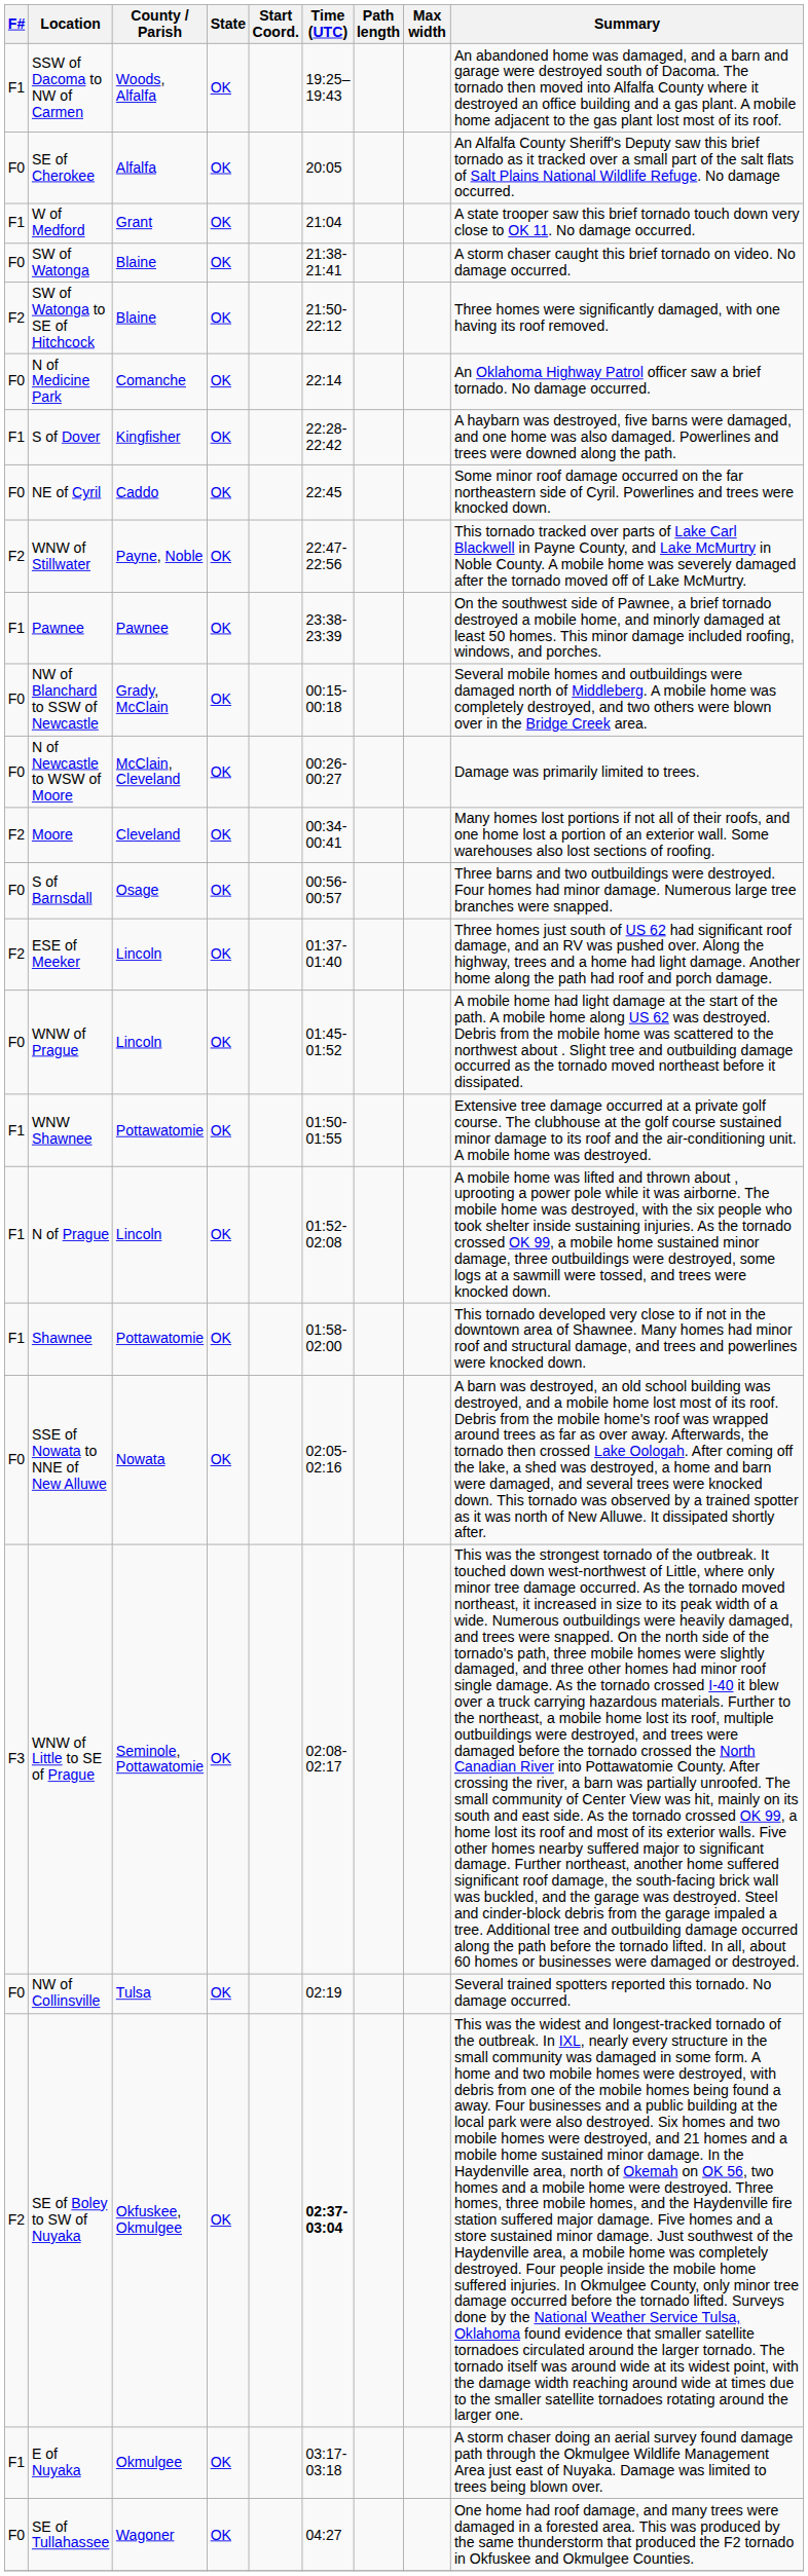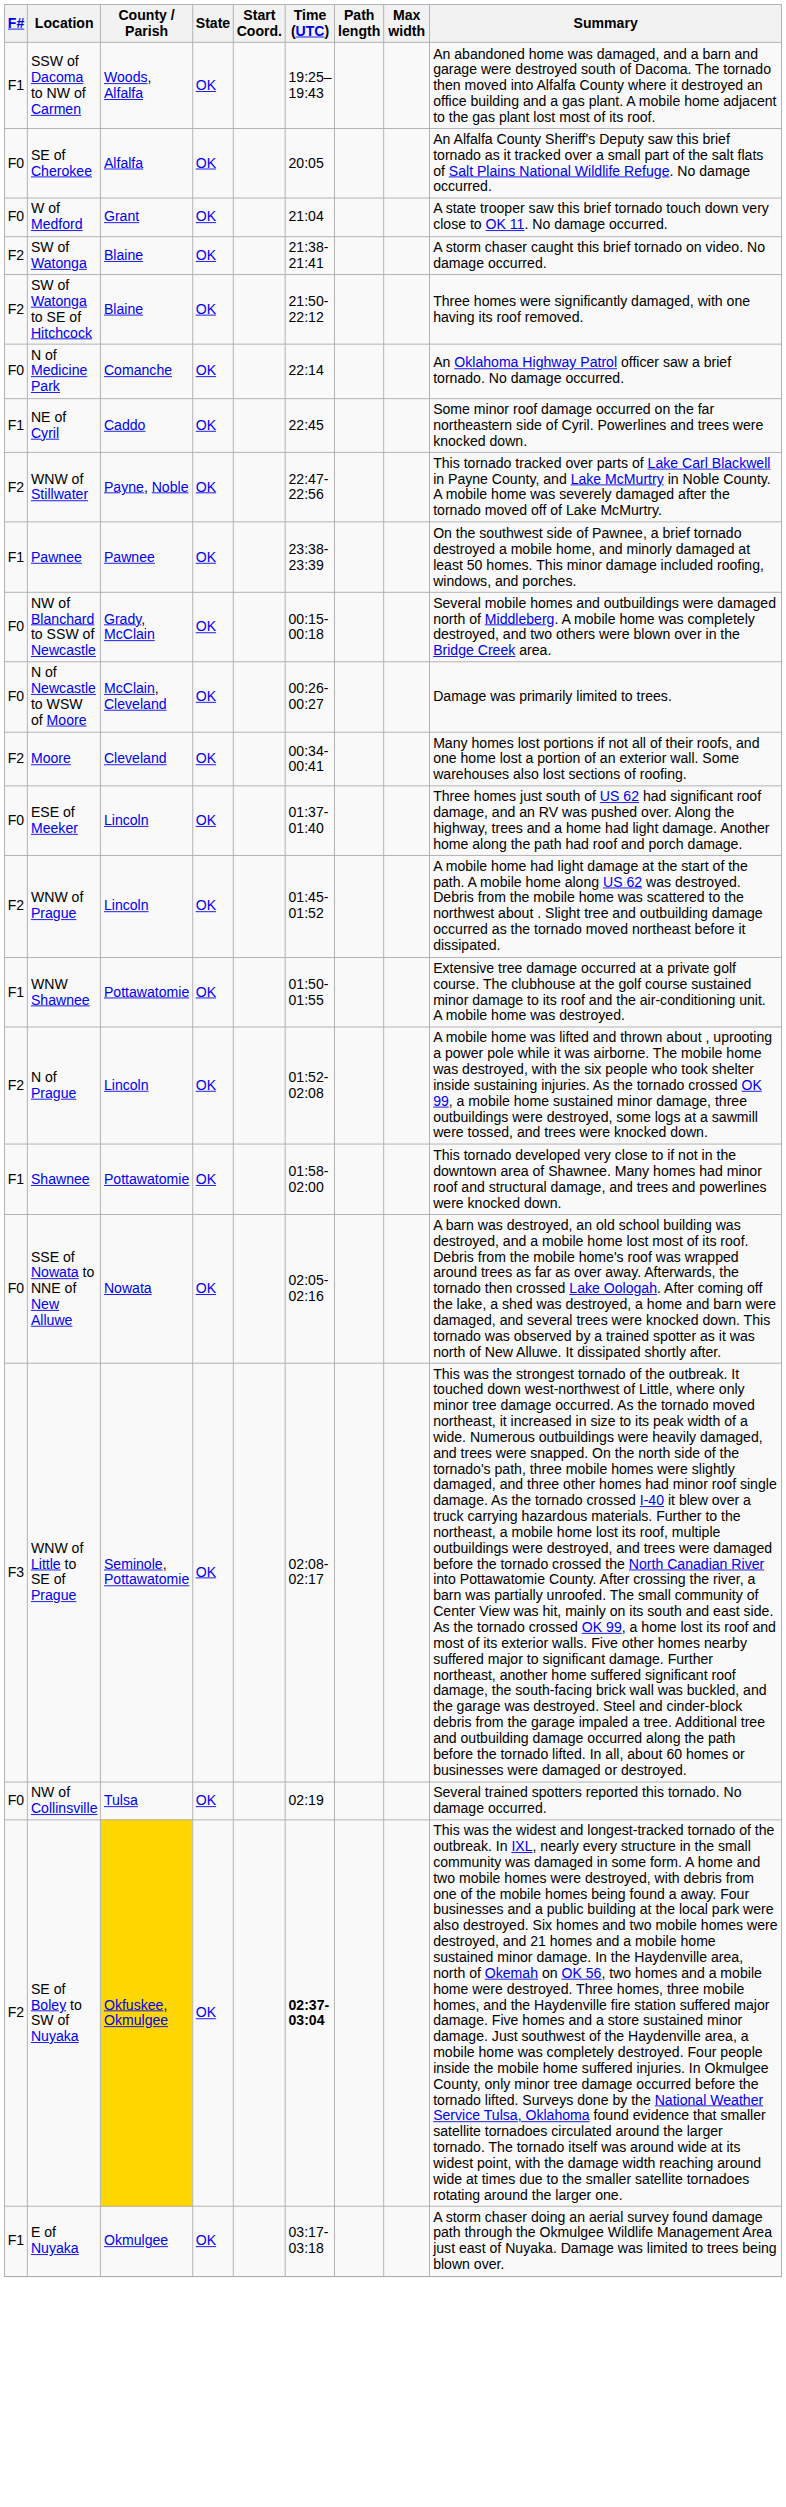 <table class="wikitable sortable" style="width:100%;">
 <tr>
 <th scope="col"  style="width:3%; text-align:center;"><a href='#'>F#</a></th>
 <th scope="col"  style="width:7%; text-align:center;" class="unsortable">Location</th>
 <th scope="col"  style="width:6%; text-align:center;" class="unsortable">County / Parish</th>
 <th scope="col"  style="width:5%; text-align:center;">State</th>
 <th scope="col"  style="width:6%; text-align:center;">Start Coord.</th>
 <th scope="col"  style="width:6%; text-align:center;">Time (<a href='#'>UTC</a>)</th>
 <th scope="col"  style="width:6%; text-align:center;">Path length</th>
 <th scope="col"  style="width:6%; text-align:center;">Max width</th>
 <th scope="col" class="unsortable" style="width:48%; text-align:center;">Summary</th>
 </tr>
 <tr>
 <td>F1</td>
 <td>SSW of <a href='#'>Dacoma</a> to NW of <a href='#'>Carmen</a></td>
 <td><a href='#'>Woods</a>, <a href='#'>Alfalfa</a></td>
 <td><a href='#'>OK</a></td>
 <td></td>
 <td>19:25–19:43</td>
 <td></td>
 <td></td>
 <td>An abandoned home was damaged, and a barn and garage were destroyed south of Dacoma. The tornado then moved into Alfalfa County where it destroyed an office building and a gas plant. A mobile home adjacent to the gas plant lost most of its roof.</td>
 </tr>
 <tr>
 <td>F0</td>
 <td>SE of <a href='#'>Cherokee</a></td>
 <td><a href='#'>Alfalfa</a></td>
 <td><a href='#'>OK</a></td>
 <td></td>
 <td>20:05</td>
 <td></td>
 <td></td>
 <td>An Alfalfa County Sheriff's Deputy saw this brief tornado as it tracked over a small part of the salt flats of <a href='#'>Salt Plains National Wildlife Refuge</a>. No damage occurred.</td>
 </tr>
 <tr>
-<td>F1</td>
+<td>F0</td>
 <td>W of <a href='#'>Medford</a></td>
 <td><a href='#'>Grant</a></td>
 <td><a href='#'>OK</a></td>
 <td></td>
 <td>21:04</td>
 <td></td>
 <td></td>
 <td>A state trooper saw this brief tornado touch down very close to <a href='#'>OK 11</a>. No damage occurred.</td>
 </tr>
 <tr>
-<td>F0</td>
+<td>F2</td>
 <td>SW of <a href='#'>Watonga</a></td>
 <td><a href='#'>Blaine</a></td>
 <td><a href='#'>OK</a></td>
 <td></td>
 <td>21:38-21:41</td>
 <td></td>
 <td></td>
 <td>A storm chaser caught this brief tornado on video. No damage occurred.</td>
 </tr>
 <tr>
 <td>F2</td>
 <td>SW of <a href='#'>Watonga</a> to SE of <a href='#'>Hitchcock</a></td>
 <td><a href='#'>Blaine</a></td>
 <td><a href='#'>OK</a></td>
 <td></td>
 <td>21:50-22:12</td>
 <td></td>
 <td></td>
 <td>Three homes were significantly damaged, with one having its roof removed.</td>
 </tr>
 <tr>
 <td>F0</td>
 <td>N of <a href='#'>Medicine Park</a></td>
 <td><a href='#'>Comanche</a></td>
 <td><a href='#'>OK</a></td>
 <td></td>
 <td>22:14</td>
 <td></td>
 <td></td>
 <td>An <a href='#'>Oklahoma Highway Patrol</a> officer saw a brief tornado. No damage occurred.</td>
 </tr>
 <tr>
 <td>F1</td>
-<td>S of <a href='#'>Dover</a></td>
-<td><a href='#'>Kingfisher</a></td>
-<td><a href='#'>OK</a></td>
-<td></td>
-<td>22:28-22:42</td>
-<td></td>
-<td></td>
-<td>A haybarn was destroyed, five barns were damaged, and one home was also damaged. Powerlines and trees were downed along the path.</td>
-</tr>
-<tr>
-<td>F0</td>
 <td>NE of <a href='#'>Cyril</a></td>
 <td><a href='#'>Caddo</a></td>
 <td><a href='#'>OK</a></td>
 <td></td>
 <td>22:45</td>
 <td></td>
 <td></td>
 <td>Some minor roof damage occurred on the far northeastern side of Cyril. Powerlines and trees were knocked down.</td>
 </tr>
 <tr>
 <td>F2</td>
 <td>WNW of <a href='#'>Stillwater</a></td>
 <td><a href='#'>Payne</a>, <a href='#'>Noble</a></td>
 <td><a href='#'>OK</a></td>
 <td></td>
 <td>22:47-22:56</td>
 <td></td>
 <td></td>
 <td>This tornado tracked over parts of <a href='#'>Lake Carl Blackwell</a> in Payne County, and <a href='#'>Lake McMurtry</a> in Noble County. A mobile home was severely damaged after the tornado moved off of Lake McMurtry.</td>
 </tr>
 <tr>
 <td>F1</td>
 <td><a href='#'>Pawnee</a></td>
 <td><a href='#'>Pawnee</a></td>
 <td><a href='#'>OK</a></td>
 <td></td>
 <td>23:38-23:39</td>
 <td></td>
 <td></td>
 <td>On the southwest side of Pawnee, a brief tornado destroyed a mobile home, and minorly damaged at least 50 homes. This minor damage included roofing, windows, and porches.</td>
 </tr>
 <tr>
 <td>F0</td>
 <td>NW of <a href='#'>Blanchard</a> to SSW of <a href='#'>Newcastle</a></td>
 <td><a href='#'>Grady</a>, <a href='#'>McClain</a></td>
 <td><a href='#'>OK</a></td>
 <td></td>
 <td>00:15-00:18</td>
 <td></td>
 <td></td>
 <td>Several mobile homes and outbuildings were damaged north of <a href='#'>Middleberg</a>. A mobile home was completely destroyed, and two others were blown over in the <a href='#'>Bridge Creek</a> area.</td>
 </tr>
 <tr>
 <td>F0</td>
 <td>N of <a href='#'>Newcastle</a> to WSW of <a href='#'>Moore</a></td>
 <td><a href='#'>McClain</a>, <a href='#'>Cleveland</a></td>
 <td><a href='#'>OK</a></td>
 <td></td>
 <td>00:26-00:27</td>
 <td></td>
 <td></td>
 <td>Damage was primarily limited to trees.</td>
 </tr>
 <tr>
 <td>F2</td>
 <td><a href='#'>Moore</a></td>
 <td><a href='#'>Cleveland</a></td>
 <td><a href='#'>OK</a></td>
 <td></td>
 <td>00:34-00:41</td>
 <td></td>
 <td></td>
 <td>Many homes lost portions if not all of their roofs, and one home lost a portion of an exterior wall. Some warehouses also lost sections of roofing.</td>
 </tr>
 <tr>
 <td>F0</td>
-<td>S of <a href='#'>Barnsdall</a></td>
-<td><a href='#'>Osage</a></td>
-<td><a href='#'>OK</a></td>
-<td></td>
-<td>00:56-00:57</td>
-<td></td>
-<td></td>
-<td>Three barns and two outbuildings were destroyed. Four homes had minor damage. Numerous large tree branches were snapped.</td>
-</tr>
-<tr>
-<td>F2</td>
 <td>ESE of <a href='#'>Meeker</a></td>
 <td><a href='#'>Lincoln</a></td>
 <td><a href='#'>OK</a></td>
 <td></td>
 <td>01:37-01:40</td>
 <td></td>
 <td></td>
 <td>Three homes just south of <a href='#'>US 62</a> had significant roof damage, and an RV was pushed over. Along the highway, trees and a home had light damage. Another home along the path had roof and porch damage.</td>
 </tr>
 <tr>
-<td>F0</td>
+<td>F2</td>
 <td>WNW of <a href='#'>Prague</a></td>
 <td><a href='#'>Lincoln</a></td>
 <td><a href='#'>OK</a></td>
 <td></td>
 <td>01:45-01:52</td>
 <td></td>
 <td></td>
 <td>A mobile home had light damage at the start of the path. A mobile home along <a href='#'>US 62</a> was destroyed. Debris from the mobile home was scattered to the northwest about . Slight tree and outbuilding damage occurred as the tornado moved northeast before it dissipated.</td>
 </tr>
 <tr>
 <td>F1</td>
 <td>WNW <a href='#'>Shawnee</a></td>
 <td><a href='#'>Pottawatomie</a></td>
 <td><a href='#'>OK</a></td>
 <td></td>
 <td>01:50-01:55</td>
 <td></td>
 <td></td>
 <td>Extensive tree damage occurred at a private golf course. The clubhouse at the golf course sustained minor damage to its roof and the air-conditioning unit. A mobile home was destroyed.</td>
 </tr>
 <tr>
-<td>F1</td>
+<td>F2</td>
 <td>N of <a href='#'>Prague</a></td>
 <td><a href='#'>Lincoln</a></td>
 <td><a href='#'>OK</a></td>
 <td></td>
 <td>01:52-02:08</td>
 <td></td>
 <td></td>
 <td>A mobile home was lifted and thrown about , uprooting a power pole while it was airborne. The mobile home was destroyed, with the six people who took shelter inside sustaining injuries. As the tornado crossed <a href='#'>OK 99</a>, a mobile home sustained minor damage, three outbuildings were destroyed, some logs at a sawmill were tossed, and trees were knocked down.</td>
 </tr>
 <tr>
 <td>F1</td>
 <td><a href='#'>Shawnee</a></td>
 <td><a href='#'>Pottawatomie</a></td>
 <td><a href='#'>OK</a></td>
 <td></td>
 <td>01:58-02:00</td>
 <td></td>
 <td></td>
 <td>This tornado developed very close to if not in the downtown area of Shawnee. Many homes had minor roof and structural damage, and trees and powerlines were knocked down.</td>
 </tr>
 <tr>
 <td>F0</td>
 <td>SSE of <a href='#'>Nowata</a> to NNE of <a href='#'>New Alluwe</a></td>
 <td><a href='#'>Nowata</a></td>
 <td><a href='#'>OK</a></td>
 <td></td>
 <td>02:05-02:16</td>
 <td></td>
 <td></td>
 <td>A barn was destroyed, an old school building was destroyed, and a mobile home lost most of its roof. Debris from the mobile home's roof was wrapped around trees as far as over  away. Afterwards, the tornado then crossed <a href='#'>Lake Oologah</a>. After coming off the lake, a shed was destroyed, a home and barn were damaged, and several trees were knocked down. This tornado was observed by a trained spotter as it was north of New Alluwe. It dissipated shortly after.</td>
 </tr>
 <tr>
 <td>F3</td>
 <td>WNW of <a href='#'>Little</a> to SE of <a href='#'>Prague</a></td>
 <td><a href='#'>Seminole</a>, <a href='#'>Pottawatomie</a></td>
 <td><a href='#'>OK</a></td>
 <td></td>
 <td>02:08-02:17</td>
 <td></td>
 <td></td>
 <td>This was the strongest tornado of the outbreak. It touched down west-northwest of Little, where only minor tree damage occurred. As the tornado moved northeast, it increased in size to its peak width of a  wide. Numerous outbuildings were heavily damaged, and trees were snapped. On the north side of the tornado's path, three mobile homes were slightly damaged, and three other homes had minor roof single damage. As the tornado crossed <a href='#'>I-40</a> it blew over a truck carrying hazardous materials. Further to the northeast, a mobile home lost its roof, multiple outbuildings were destroyed, and trees were damaged before the tornado crossed the <a href='#'>North Canadian River</a> into Pottawatomie County. After crossing the river, a barn was partially unroofed. The small community of Center View was hit, mainly on its south and east side. As the tornado crossed <a href='#'>OK 99</a>, a home lost its roof and most of its exterior walls. Five other homes nearby suffered major to significant damage. Further northeast, another home suffered significant roof damage, the south-facing brick wall was buckled, and the garage was destroyed. Steel and cinder-block debris from the garage impaled a tree. Additional tree and outbuilding damage occurred along the path before the tornado lifted. In all, about 60 homes or businesses were damaged or destroyed.</td>
 </tr>
 <tr>
 <td>F0</td>
 <td>NW of <a href='#'>Collinsville</a></td>
 <td><a href='#'>Tulsa</a></td>
 <td><a href='#'>OK</a></td>
 <td></td>
 <td>02:19</td>
 <td></td>
 <td></td>
 <td>Several trained spotters reported this tornado. No damage occurred.</td>
 </tr>
 <tr>
 <td>F2</td>
 <td>SE of <a href='#'>Boley</a> to SW of <a href='#'>Nuyaka</a></td>
-<td><a href='#'>Okfuskee</a>, <a href='#'>Okmulgee</a></td>
+<td style="background: gold;"><a href='#'>Okfuskee</a>, <a href='#'>Okmulgee</a></td>
 <td><a href='#'>OK</a></td>
 <td></td>
 <td><strong>02:37-03:04</strong></td>
 <td></td>
 <td></td>
 <td>This was the widest and longest-tracked tornado of the outbreak. In <a href='#'>IXL</a>, nearly every structure in the small community was damaged in some form. A home and two mobile homes were destroyed, with debris from one of the mobile homes being found a  away. Four businesses and a public building at the local park were also destroyed. Six homes and two mobile homes were destroyed, and 21 homes and a mobile home sustained minor damage. In the Haydenville area, north of <a href='#'>Okemah</a> on <a href='#'>OK 56</a>, two homes and a mobile home were destroyed. Three homes, three mobile homes, and the Haydenville fire station suffered major damage. Five homes and a store sustained minor damage. Just southwest of the Haydenville area, a mobile home was completely destroyed. Four people inside the mobile home suffered injuries. In Okmulgee County, only minor tree damage occurred before the tornado lifted. Surveys done by the <a href='#'>National Weather Service Tulsa, Oklahoma</a> found evidence that smaller satellite tornadoes circulated around the larger tornado. The tornado itself was around  wide at its widest point, with the damage width reaching around  wide at times due to the smaller satellite tornadoes rotating around the larger one.</td>
 </tr>
 <tr>
 <td>F1</td>
 <td>E of <a href='#'>Nuyaka</a></td>
 <td><a href='#'>Okmulgee</a></td>
 <td><a href='#'>OK</a></td>
 <td></td>
 <td>03:17-03:18</td>
 <td></td>
 <td></td>
 <td>A storm chaser doing an aerial survey found damage path through the Okmulgee Wildlife Management Area just east of Nuyaka. Damage was limited to trees being blown over.</td>
 </tr>
 <tr>
-<td>F0</td>
-<td>SE of <a href='#'>Tullahassee</a></td>
-<td><a href='#'>Wagoner</a></td>
-<td><a href='#'>OK</a></td>
-<td></td>
-<td>04:27</td>
-<td></td>
-<td></td>
-<td>One home had roof damage, and many trees were damaged in a forested area. This was produced by the same thunderstorm that produced the F2 tornado in Okfuskee and Okmulgee Counties.</td>
-</tr>
-<tr>
 </tr>
 </table>
